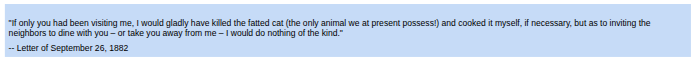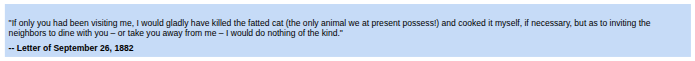 <table class="toccolours" style="float: right; margin-left: 1em; margin-right: 8em; font-size: 80%; background:#c6dbf7; color:black; width:80em; max-width: 80%;" cellspacing="5">
 <tr>
 <td style="text-align: left;"><br>"If only you had been visiting me, I would gladly have killed the fatted cat (the only animal we at present possess!) and cooked it myself, if necessary, but as to inviting the neighbors to dine with you – or take you away from me – I would do nothing of the kind."</td>
 </tr>
 <tr>
-<td style="text-align: left;">-- Letter of September 26, 1882</td>
+<td style="text-align: left;"><strong>-- Letter of September 26, 1882</strong></td>
 </tr>
 </table>
